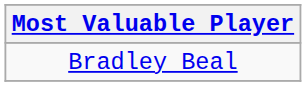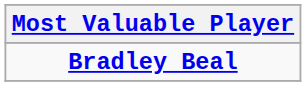 <table class=wikitable style="text-align:center; margin:auto">
 <tr>
 <th><a href='#'>Most Valuable Player</a></th>
 </tr>
 <tr>
-<td> <a href='#'>Bradley Beal</a></td>
+<td><strong> <a href='#'>Bradley Beal</a></strong></td>
 </tr>
 </table>
